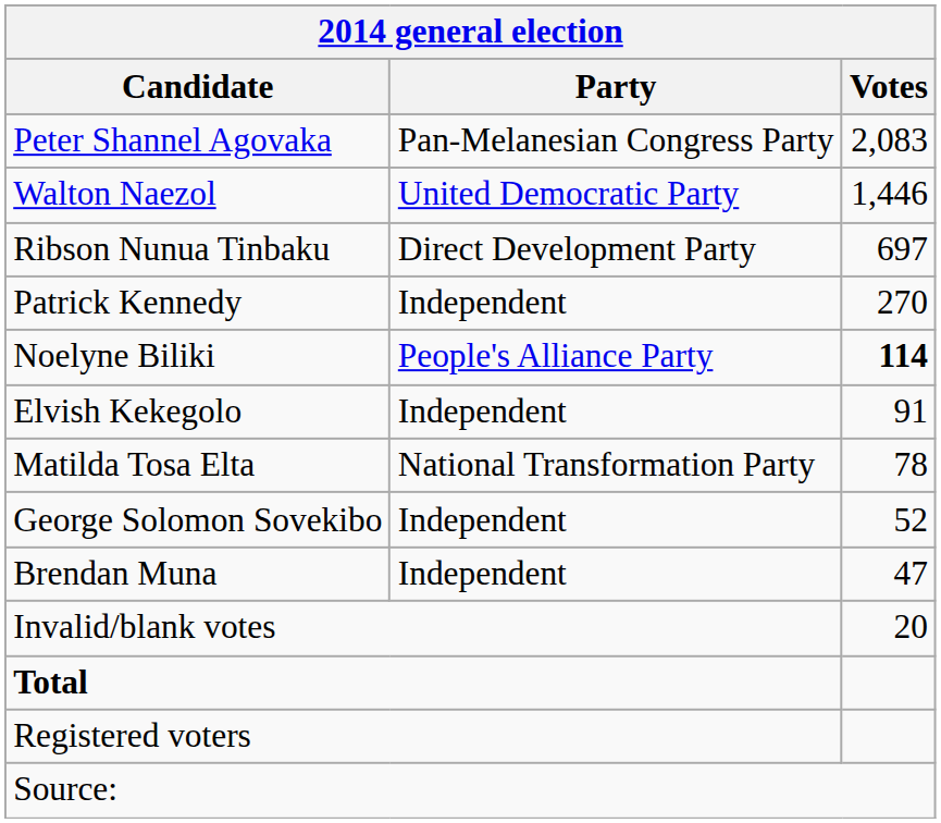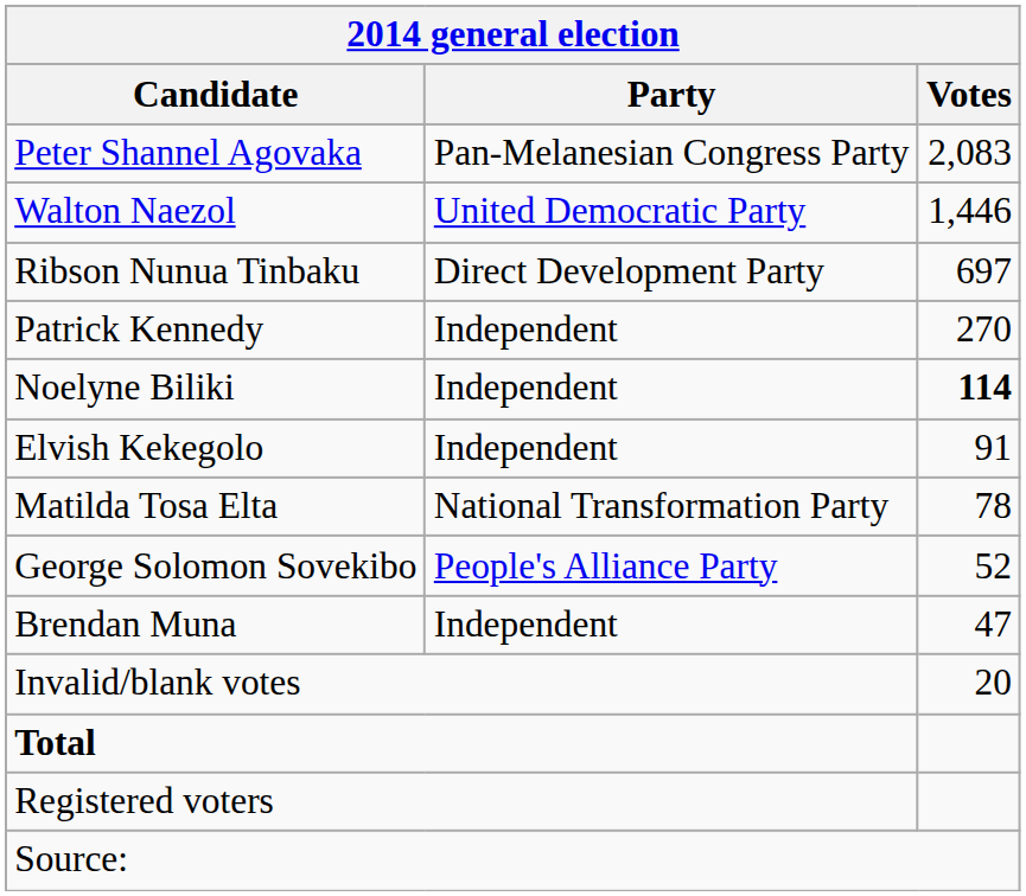 <table class=wikitable style=text-align:left>
 <tr>
 <th colspan=3><a href='#'>2014 general election</a></th>
 </tr>
 <tr>
 <th>Candidate</th>
 <th>Party</th>
 <th>Votes</th>
 </tr>
 <tr>
 <td><a href='#'>Peter Shannel Agovaka</a></td>
 <td>Pan-Melanesian Congress Party</td>
 <td align=right>2,083</td>
 </tr>
 <tr>
 <td><a href='#'>Walton Naezol</a></td>
 <td><a href='#'>United Democratic Party</a></td>
 <td align=right>1,446</td>
 </tr>
 <tr>
 <td>Ribson Nunua Tinbaku</td>
 <td>Direct Development Party</td>
 <td align=right>697</td>
 </tr>
 <tr>
 <td>Patrick Kennedy</td>
 <td>Independent</td>
 <td align=right>270</td>
 </tr>
 <tr>
 <td>Noelyne Biliki</td>
-<td><a href='#'>People's Alliance Party</a></td>
+<td>Independent</td>
 <td align=right><strong>114</strong></td>
 </tr>
 <tr>
 <td>Elvish Kekegolo</td>
 <td>Independent</td>
 <td align=right>91</td>
 </tr>
 <tr>
 <td>Matilda Tosa Elta</td>
 <td>National Transformation Party</td>
 <td align=right>78</td>
 </tr>
 <tr>
 <td>George Solomon Sovekibo</td>
-<td>Independent</td>
+<td><a href='#'>People's Alliance Party</a></td>
 <td align=right>52</td>
 </tr>
 <tr>
 <td>Brendan Muna</td>
 <td>Independent</td>
 <td align=right>47</td>
 </tr>
 <tr>
 <td colspan=2>Invalid/blank votes</td>
 <td align=right>20</td>
 </tr>
 <tr>
 <td colspan=2><strong>Total</strong></td>
 <td></td>
 </tr>
 <tr>
 <td colspan=2>Registered voters</td>
 <td></td>
 </tr>
 <tr>
 <td colspan=3>Source: </td>
 </tr>
 </table>
